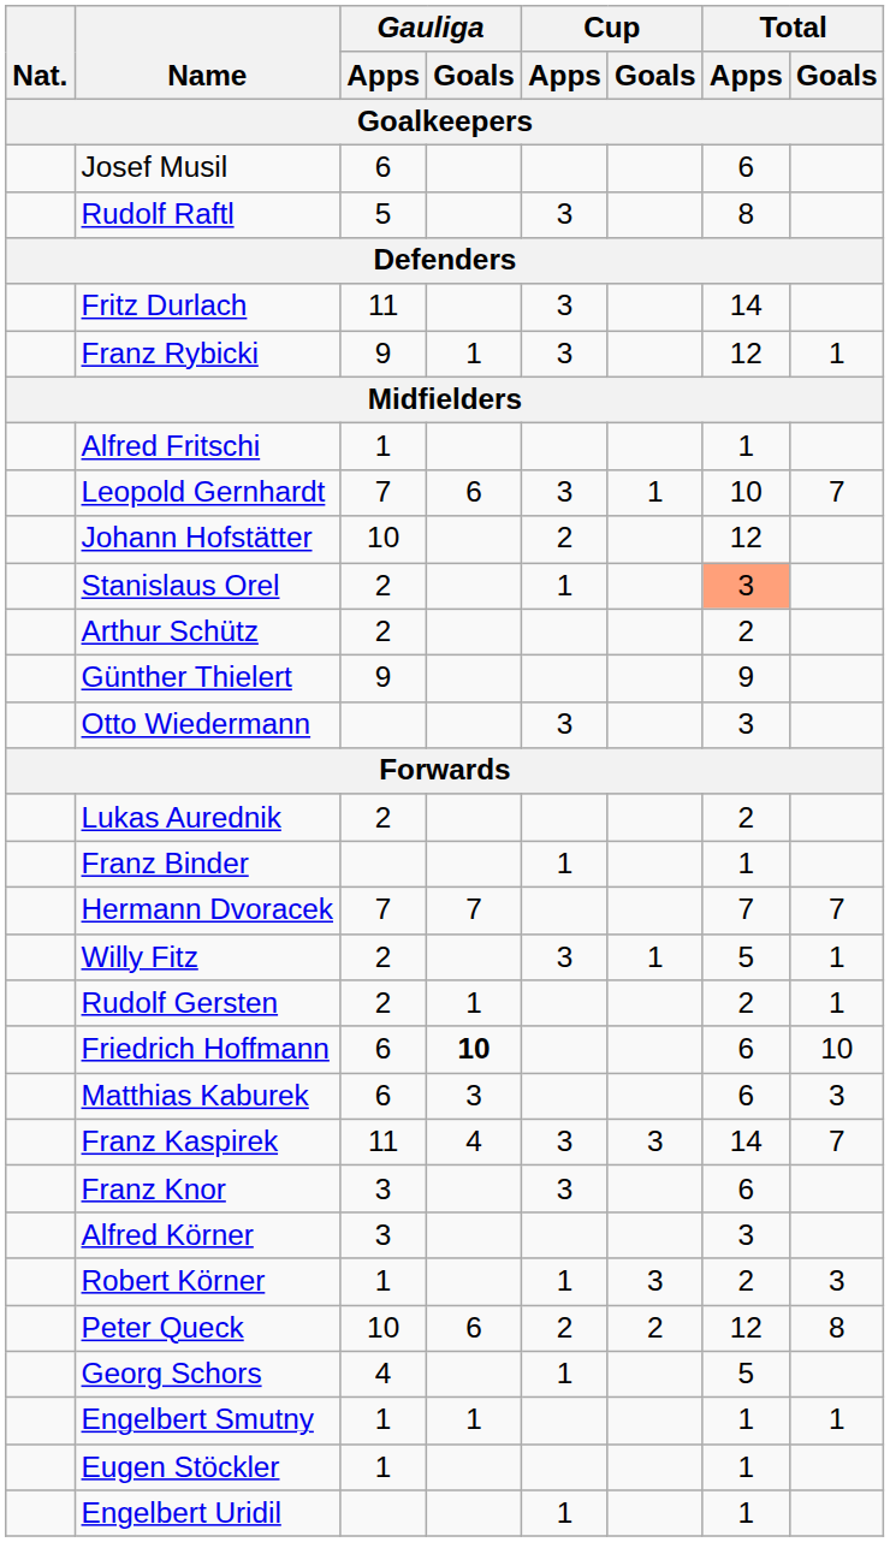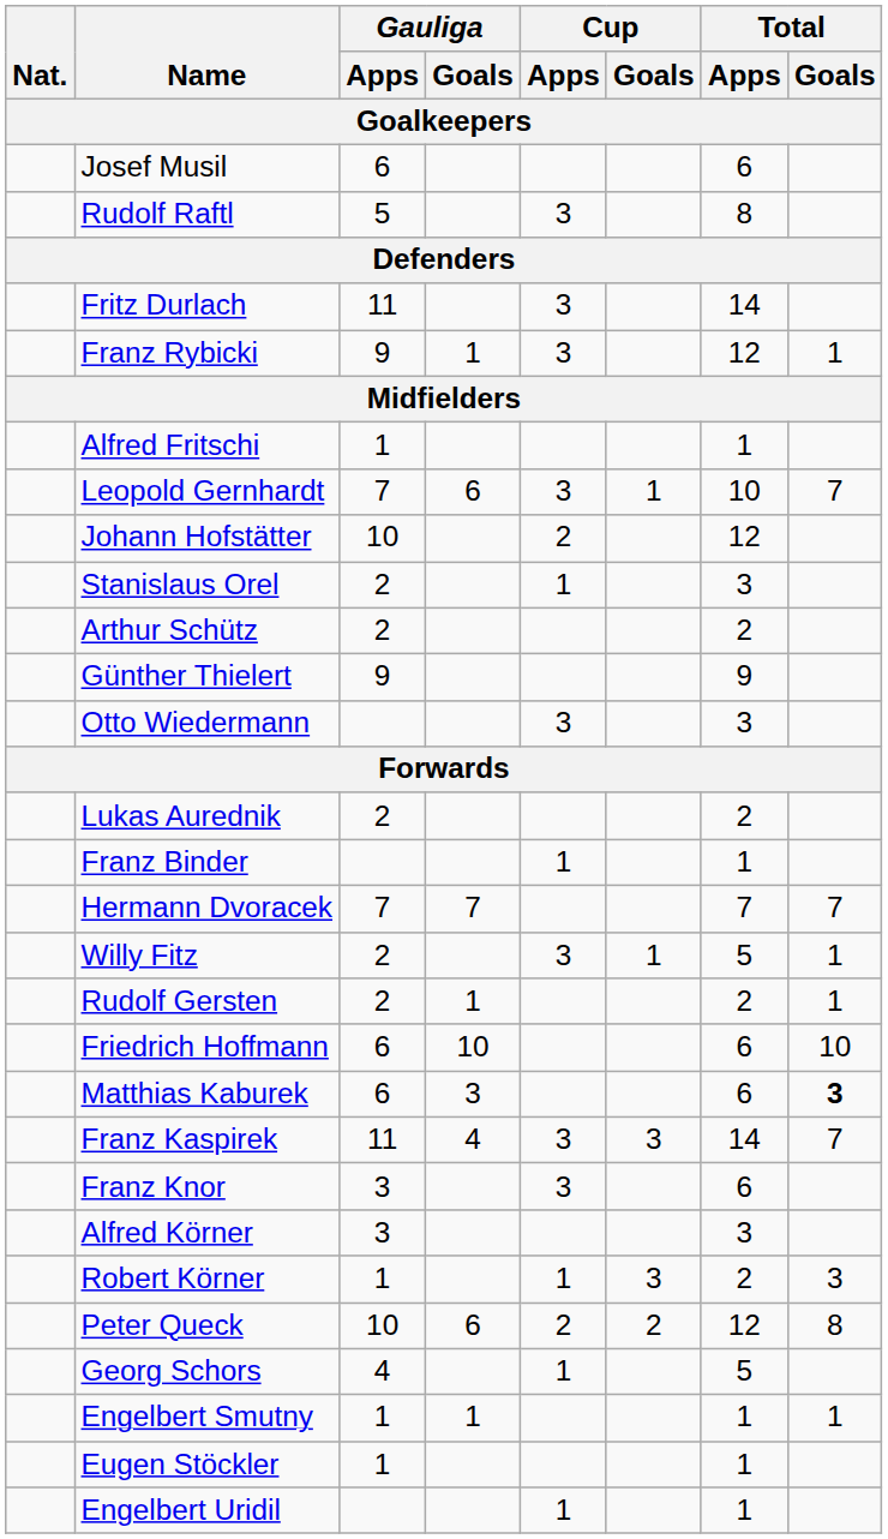 <table class="wikitable" style="text-align:center">
 <tr>
 <th rowspan="2" valign="bottom">Nat.</th>
 <th rowspan="2" valign="bottom">Name</th>
 <th colspan="2" width="85"><em>Gauliga</em></th>
 <th colspan="2" width="85">Cup</th>
 <th colspan="2" width="85">Total</th>
 </tr>
 <tr>
 <th>Apps</th>
 <th>Goals</th>
 <th>Apps</th>
 <th>Goals</th>
 <th>Apps</th>
 <th>Goals</th>
 </tr>
 <tr>
 <th colspan=20>Goalkeepers</th>
 </tr>
 <tr>
 <td></td>
 <td align="left">Josef Musil</td>
 <td>6</td>
 <td></td>
 <td></td>
 <td></td>
 <td>6</td>
 <td></td>
 </tr>
 <tr>
 <td></td>
 <td align="left"><a href='#'>Rudolf Raftl</a></td>
 <td>5</td>
 <td></td>
 <td>3</td>
 <td></td>
 <td>8</td>
 <td></td>
 </tr>
 <tr>
 <th colspan=20>Defenders</th>
 </tr>
 <tr>
 <td></td>
 <td align="left"><a href='#'>Fritz Durlach</a></td>
 <td>11</td>
 <td></td>
 <td>3</td>
 <td></td>
 <td>14</td>
 <td></td>
 </tr>
 <tr>
 <td></td>
 <td align="left"><a href='#'>Franz Rybicki</a></td>
 <td>9</td>
 <td>1</td>
 <td>3</td>
 <td></td>
 <td>12</td>
 <td>1</td>
 </tr>
 <tr>
 <th colspan=20>Midfielders</th>
 </tr>
 <tr>
 <td></td>
 <td align="left"><a href='#'>Alfred Fritschi</a></td>
 <td>1</td>
 <td></td>
 <td></td>
 <td></td>
 <td>1</td>
 <td></td>
 </tr>
 <tr>
 <td></td>
 <td align="left"><a href='#'>Leopold Gernhardt</a></td>
 <td>7</td>
 <td>6</td>
 <td>3</td>
 <td>1</td>
 <td>10</td>
 <td>7</td>
 </tr>
 <tr>
 <td></td>
 <td align="left"><a href='#'>Johann Hofstätter</a></td>
 <td>10</td>
 <td></td>
 <td>2</td>
 <td></td>
 <td>12</td>
 <td></td>
 </tr>
 <tr>
 <td></td>
 <td align="left"><a href='#'>Stanislaus Orel</a></td>
 <td>2</td>
 <td></td>
 <td>1</td>
 <td></td>
-<td style="background: lightsalmon;">3</td>
+<td>3</td>
 <td></td>
 </tr>
 <tr>
 <td></td>
 <td align="left"><a href='#'>Arthur Schütz</a></td>
 <td>2</td>
 <td></td>
 <td></td>
 <td></td>
 <td>2</td>
 <td></td>
 </tr>
 <tr>
 <td></td>
 <td align="left"><a href='#'>Günther Thielert</a></td>
 <td>9</td>
 <td></td>
 <td></td>
 <td></td>
 <td>9</td>
 <td></td>
 </tr>
 <tr>
 <td></td>
 <td align="left"><a href='#'>Otto Wiedermann</a></td>
 <td></td>
 <td></td>
 <td>3</td>
 <td></td>
 <td>3</td>
 <td></td>
 </tr>
 <tr>
 <th colspan=20>Forwards</th>
 </tr>
 <tr>
 <td></td>
 <td align="left"><a href='#'>Lukas Aurednik</a></td>
 <td>2</td>
 <td></td>
 <td></td>
 <td></td>
 <td>2</td>
 <td></td>
 </tr>
 <tr>
 <td></td>
 <td align="left"><a href='#'>Franz Binder</a></td>
 <td></td>
 <td></td>
 <td>1</td>
 <td></td>
 <td>1</td>
 <td></td>
 </tr>
 <tr>
 <td></td>
 <td align="left"><a href='#'>Hermann Dvoracek</a></td>
 <td>7</td>
 <td>7</td>
 <td></td>
 <td></td>
 <td>7</td>
 <td>7</td>
 </tr>
 <tr>
 <td></td>
 <td align="left"><a href='#'>Willy Fitz</a></td>
 <td>2</td>
 <td></td>
 <td>3</td>
 <td>1</td>
 <td>5</td>
 <td>1</td>
 </tr>
 <tr>
 <td></td>
 <td align="left"><a href='#'>Rudolf Gersten</a></td>
 <td>2</td>
 <td>1</td>
 <td></td>
 <td></td>
 <td>2</td>
 <td>1</td>
 </tr>
 <tr>
 <td></td>
 <td align="left"><a href='#'>Friedrich Hoffmann</a></td>
 <td>6</td>
-<td><strong>10</strong></td>
+<td>10</td>
 <td></td>
 <td></td>
 <td>6</td>
 <td>10</td>
 </tr>
 <tr>
 <td></td>
 <td align="left"><a href='#'>Matthias Kaburek</a></td>
 <td>6</td>
 <td>3</td>
 <td></td>
 <td></td>
 <td>6</td>
-<td>3</td>
+<td><strong>3</strong></td>
 </tr>
 <tr>
 <td></td>
 <td align="left"><a href='#'>Franz Kaspirek</a></td>
 <td>11</td>
 <td>4</td>
 <td>3</td>
 <td>3</td>
 <td>14</td>
 <td>7</td>
 </tr>
 <tr>
 <td></td>
 <td align="left"><a href='#'>Franz Knor</a></td>
 <td>3</td>
 <td></td>
 <td>3</td>
 <td></td>
 <td>6</td>
 <td></td>
 </tr>
 <tr>
 <td></td>
 <td align="left"><a href='#'>Alfred Körner</a></td>
 <td>3</td>
 <td></td>
 <td></td>
 <td></td>
 <td>3</td>
 <td></td>
 </tr>
 <tr>
 <td></td>
 <td align="left"><a href='#'>Robert Körner</a></td>
 <td>1</td>
 <td></td>
 <td>1</td>
 <td>3</td>
 <td>2</td>
 <td>3</td>
 </tr>
 <tr>
 <td></td>
 <td align="left"><a href='#'>Peter Queck</a></td>
 <td>10</td>
 <td>6</td>
 <td>2</td>
 <td>2</td>
 <td>12</td>
 <td>8</td>
 </tr>
 <tr>
 <td></td>
 <td align="left"><a href='#'>Georg Schors</a></td>
 <td>4</td>
 <td></td>
 <td>1</td>
 <td></td>
 <td>5</td>
 <td></td>
 </tr>
 <tr>
 <td></td>
 <td align="left"><a href='#'>Engelbert Smutny</a></td>
 <td>1</td>
 <td>1</td>
 <td></td>
 <td></td>
 <td>1</td>
 <td>1</td>
 </tr>
 <tr>
 <td></td>
 <td align="left"><a href='#'>Eugen Stöckler</a></td>
 <td>1</td>
 <td></td>
 <td></td>
 <td></td>
 <td>1</td>
 <td></td>
 </tr>
 <tr>
 <td></td>
 <td align="left"><a href='#'>Engelbert Uridil</a></td>
 <td></td>
 <td></td>
 <td>1</td>
 <td></td>
 <td>1</td>
 <td></td>
 </tr>
 </table>
